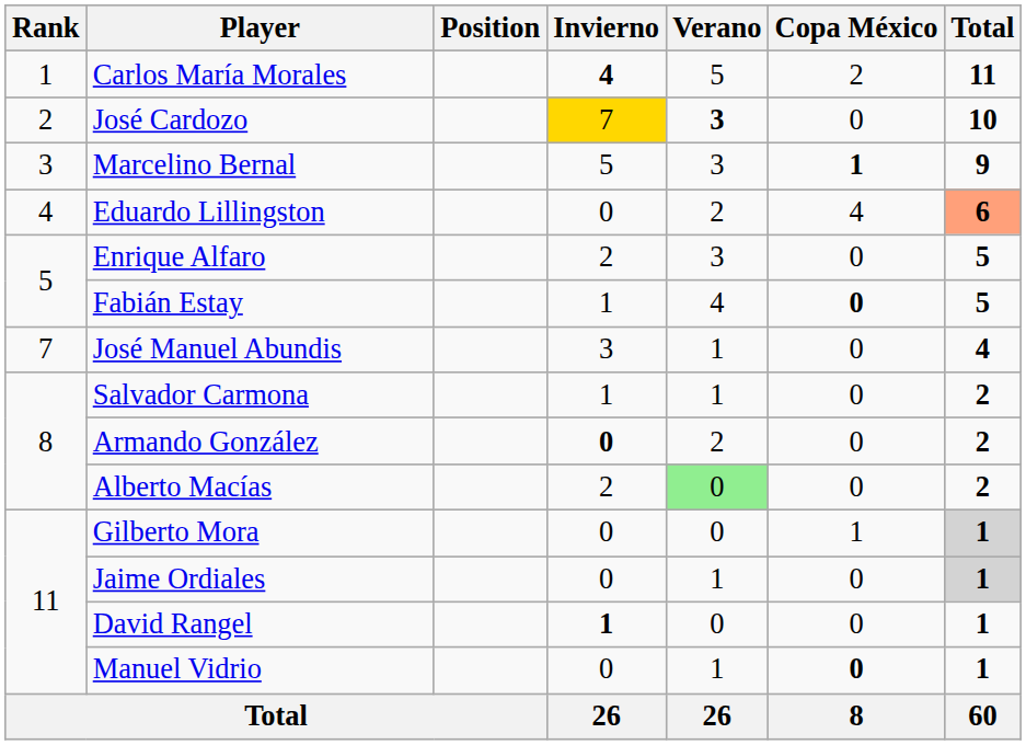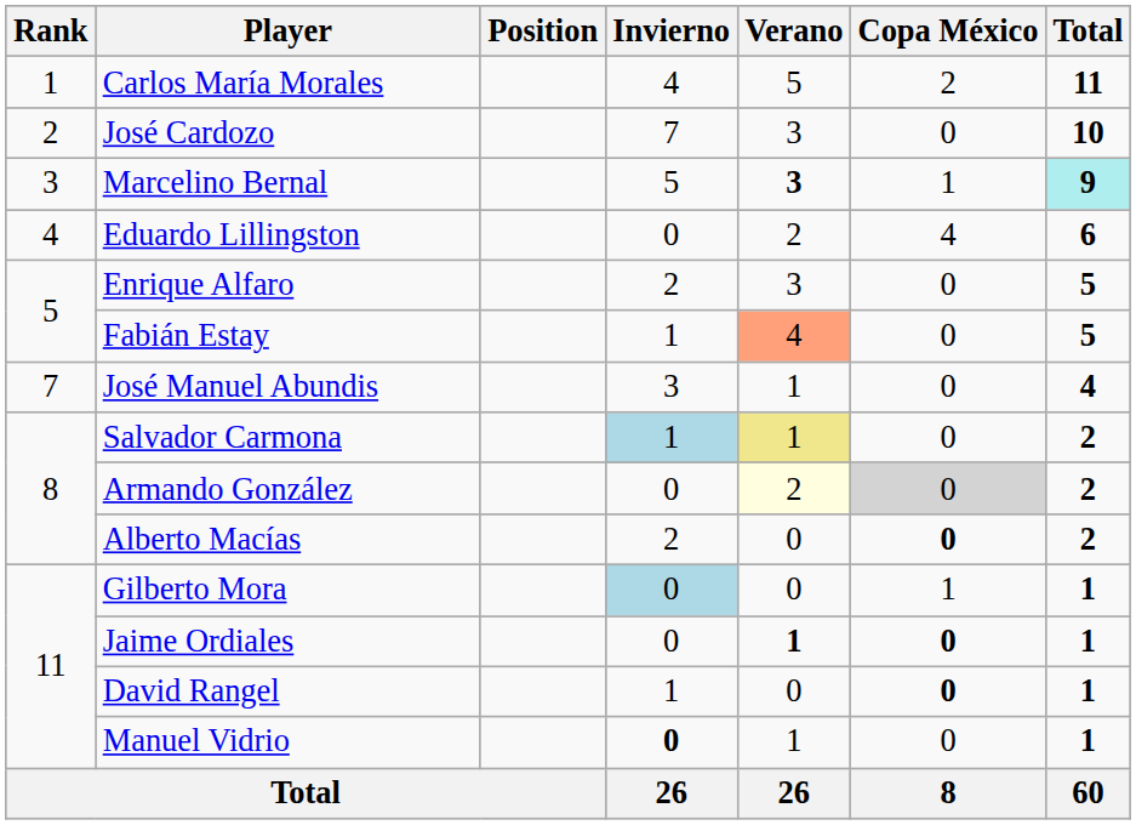 <table class="wikitable">
 <tr>
 <th>Rank</th>
 <th style="width:185px;">Player</th>
 <th>Position</th>
 <th>Invierno</th>
 <th>Verano</th>
 <th>Copa México</th>
 <th>Total</th>
 </tr>
 <tr>
 <td align=center>1</td>
 <td> <a href='#'>Carlos María Morales</a></td>
 <td align=center></td>
-<td align=center><strong>4</strong></td>
+<td align=center>4</td>
 <td align=center>5</td>
 <td align=center>2</td>
 <td align=center><strong>11</strong></td>
 </tr>
 <tr>
 <td align=center>2</td>
 <td> <a href='#'>José Cardozo</a></td>
 <td align=center></td>
-<td align=center style="background: gold;">7</td>
-<td align=center><strong>3</strong></td>
+<td align=center>7</td>
+<td align=center>3</td>
 <td align=center>0</td>
 <td align=center><strong>10</strong></td>
 </tr>
 <tr>
 <td align=center>3</td>
 <td> <a href='#'>Marcelino Bernal</a></td>
 <td align=center></td>
 <td align=center>5</td>
-<td align=center>3</td>
-<td align=center><strong>1</strong></td>
-<td align=center><strong>9</strong></td>
+<td align=center><strong>3</strong></td>
+<td align=center>1</td>
+<td align=center style="background: paleturquoise;"><strong>9</strong></td>
 </tr>
 <tr>
 <td align=center>4</td>
 <td> <a href='#'>Eduardo Lillingston</a></td>
 <td align=center></td>
 <td align=center>0</td>
 <td align=center>2</td>
 <td align=center>4</td>
-<td align=center style="background: lightsalmon;"><strong>6</strong></td>
+<td align=center><strong>6</strong></td>
 </tr>
 <tr>
 <td align=center rowspan=2>5</td>
 <td> <a href='#'>Enrique Alfaro</a></td>
 <td align=center></td>
 <td align=center>2</td>
 <td align=center>3</td>
 <td align=center>0</td>
 <td align=center><strong>5</strong></td>
 </tr>
 <tr>
 <td> <a href='#'>Fabián Estay</a></td>
 <td align=center></td>
 <td align=center>1</td>
-<td align=center>4</td>
-<td align=center><strong>0</strong></td>
+<td align=center style="background: lightsalmon;">4</td>
+<td align=center>0</td>
 <td align=center><strong>5</strong></td>
 </tr>
 <tr>
 <td align=center>7</td>
 <td> <a href='#'>José Manuel Abundis</a></td>
 <td align=center></td>
 <td align=center>3</td>
 <td align=center>1</td>
 <td align=center>0</td>
 <td align=center><strong>4</strong></td>
 </tr>
 <tr>
 <td align=center rowspan=3>8</td>
 <td> <a href='#'>Salvador Carmona</a></td>
 <td align=center></td>
-<td align=center>1</td>
-<td align=center>1</td>
+<td align=center style="background: lightblue;">1</td>
+<td align=center style="background: khaki;">1</td>
 <td align=center>0</td>
 <td align=center><strong>2</strong></td>
 </tr>
 <tr>
 <td> <a href='#'>Armando González</a></td>
 <td align=center></td>
-<td align=center><strong>0</strong></td>
-<td align=center>2</td>
 <td align=center>0</td>
+<td align=center style="background: lightyellow;">2</td>
+<td align=center style="background: lightgrey;">0</td>
 <td align=center><strong>2</strong></td>
 </tr>
 <tr>
 <td> <a href='#'>Alberto Macías</a></td>
 <td align=center></td>
 <td align=center>2</td>
-<td align=center style="background: lightgreen;">0</td>
 <td align=center>0</td>
+<td align=center><strong>0</strong></td>
 <td align=center><strong>2</strong></td>
 </tr>
 <tr>
 <td align=center rowspan=4>11</td>
 <td> <a href='#'>Gilberto Mora</a></td>
 <td align=center></td>
-<td align=center>0</td>
+<td align=center style="background: lightblue;">0</td>
 <td align=center>0</td>
 <td align=center>1</td>
-<td align=center style="background: lightgrey;"><strong>1</strong></td>
+<td align=center><strong>1</strong></td>
 </tr>
 <tr>
 <td> <a href='#'>Jaime Ordiales</a></td>
 <td align=center></td>
 <td align=center>0</td>
-<td align=center>1</td>
-<td align=center>0</td>
-<td align=center style="background: lightgrey;"><strong>1</strong></td>
+<td align=center><strong>1</strong></td>
+<td align=center><strong>0</strong></td>
+<td align=center><strong>1</strong></td>
 </tr>
 <tr>
 <td> <a href='#'>David Rangel</a></td>
 <td align=center></td>
-<td align=center><strong>1</strong></td>
+<td align=center>1</td>
 <td align=center>0</td>
-<td align=center>0</td>
+<td align=center><strong>0</strong></td>
 <td align=center><strong>1</strong></td>
 </tr>
 <tr>
 <td> <a href='#'>Manuel Vidrio</a></td>
 <td align=center></td>
+<td align=center><strong>0</strong></td>
+<td align=center>1</td>
 <td align=center>0</td>
-<td align=center>1</td>
-<td align=center><strong>0</strong></td>
 <td align=center><strong>1</strong></td>
 </tr>
 <tr>
 <th align=center colspan=3>Total</th>
 <th align=center>26</th>
 <th align=center>26</th>
 <th align=center>8</th>
 <th align=center>60</th>
 </tr>
 </table>
